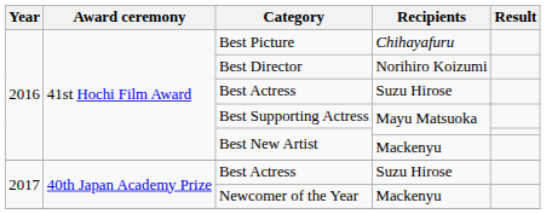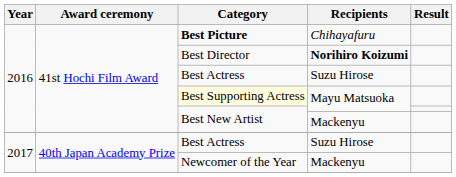 <table class="wikitable sortable">
 <tr>
 <th>Year</th>
 <th>Award ceremony</th>
 <th>Category</th>
 <th>Recipients</th>
 <th>Result</th>
 </tr>
 <tr>
 <td rowspan="6">2016</td>
 <td rowspan="6">41st <a href='#'>Hochi Film Award</a></td>
-<td>Best Picture</td>
+<td><strong>Best Picture</strong></td>
 <td><em>Chihayafuru</em></td>
 <td></td>
 </tr>
 <tr>
 <td>Best Director</td>
-<td>Norihiro Koizumi</td>
+<td><strong>Norihiro Koizumi</strong></td>
 <td></td>
 </tr>
 <tr>
 <td>Best Actress</td>
 <td>Suzu Hirose</td>
 <td></td>
 </tr>
 <tr>
-<td>Best Supporting Actress</td>
+<td style="background: lightyellow;">Best Supporting Actress</td>
 <td rowspan="2">Mayu Matsuoka</td>
 <td></td>
 </tr>
 <tr>
 <td rowspan="2">Best New Artist</td>
 <td></td>
 </tr>
 <tr>
 <td>Mackenyu</td>
 <td></td>
 </tr>
 <tr>
 </tr>
 <tr>
 <td rowspan="2">2017</td>
 <td rowspan="2"><a href='#'>40th Japan Academy Prize</a></td>
 <td>Best Actress</td>
 <td>Suzu Hirose</td>
 <td></td>
 </tr>
 <tr>
 <td>Newcomer of the Year</td>
 <td>Mackenyu</td>
 <td></td>
 </tr>
 <tr>
 </tr>
 </table>
